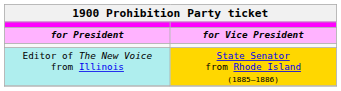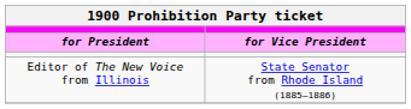 <table class="wikitable" style="font-size:90%; text-align:center;">
 <tr>
 <td style="background:#f1f1f1;" colspan="30"><big><strong>1900 Prohibition Party ticket</strong></big></td>
 </tr>
 <tr>
 <th style="width:3em; font-size:135%; background:#FF00FF; width:200px;"><a href='#'></a></th>
 <th style="width:3em; font-size:135%; background:#FF00FF; width:200px;"><a href='#'></a></th>
 </tr>
 <tr>
 <td style="width:3em; font-size:100%; color:#000; background:#FFB3FF; width:200px;"><strong><em>for President</em></strong></td>
 <td style="width:3em; font-size:100%; color:#000; background:#FFB3FF; width:200px;"><strong><em>for Vice President</em></strong></td>
 </tr>
 <tr>
 <td></td>
 <td></td>
 </tr>
 <tr>
-<td style="background: paleturquoise;">Editor of <em>The New Voice</em><br>from <a href='#'>Illinois</a><br><br></td>
-<td style="background: gold;"><a href='#'>State Senator</a><br>from <a href='#'>Rhode Island</a><br><small>(1885–1886)</small></td>
+<td>Editor of <em>The New Voice</em><br>from <a href='#'>Illinois</a><br><br></td>
+<td><a href='#'>State Senator</a><br>from <a href='#'>Rhode Island</a><br><small>(1885–1886)</small></td>
 </tr>
 <tr>
 </tr>
 </table>
